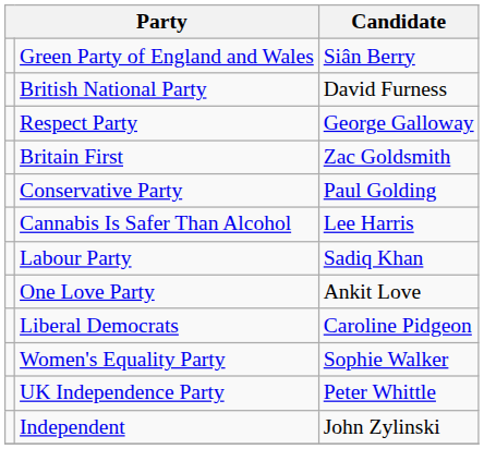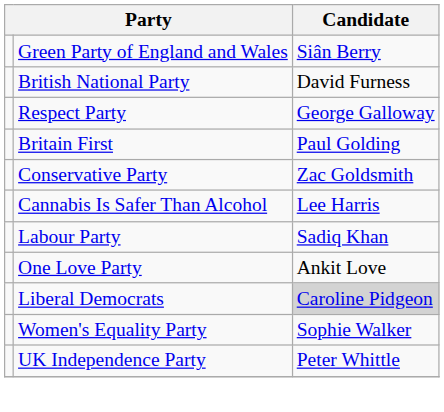 <table class="wikitable">
 <tr>
 <th colspan="2">Party</th>
 <th>Candidate</th>
 </tr>
 <tr>
 <td style="background:"></td>
 <td><a href='#'>Green Party of England and Wales</a></td>
 <td><a href='#'>Siân Berry</a></td>
 </tr>
 <tr>
 <td style="background:"></td>
 <td><a href='#'>British National Party</a></td>
 <td>David Furness</td>
 </tr>
 <tr>
 <td style="background:"></td>
 <td><a href='#'>Respect Party</a></td>
 <td><a href='#'>George Galloway</a></td>
 </tr>
 <tr>
 <td style="background:"></td>
 <td><a href='#'>Britain First</a></td>
-<td><a href='#'>Zac Goldsmith</a></td>
+<td><a href='#'>Paul Golding</a></td>
 </tr>
 <tr>
 <td style="background:"></td>
 <td><a href='#'>Conservative Party</a></td>
-<td><a href='#'>Paul Golding</a></td>
+<td><a href='#'>Zac Goldsmith</a></td>
 </tr>
 <tr>
 <td style="background:"></td>
 <td><a href='#'>Cannabis Is Safer Than Alcohol</a></td>
 <td><a href='#'>Lee Harris</a></td>
 </tr>
 <tr>
 <td style="background:"></td>
 <td><a href='#'>Labour Party</a></td>
 <td><a href='#'>Sadiq Khan</a></td>
 </tr>
 <tr>
 <td style="background:"></td>
 <td><a href='#'>One Love Party</a></td>
 <td>Ankit Love</td>
 </tr>
 <tr>
 <td style="background:"></td>
 <td><a href='#'>Liberal Democrats</a></td>
-<td><a href='#'>Caroline Pidgeon</a></td>
+<td style="background: lightgrey;"><a href='#'>Caroline Pidgeon</a></td>
 </tr>
 <tr>
 <td style="background:"></td>
 <td><a href='#'>Women's Equality Party</a></td>
 <td><a href='#'>Sophie Walker</a></td>
 </tr>
 <tr>
 <td style="background:"></td>
 <td><a href='#'>UK Independence Party</a></td>
 <td><a href='#'>Peter Whittle</a></td>
 </tr>
 <tr>
-<td style="background:"></td>
-<td><a href='#'>Independent</a></td>
-<td>John Zylinski</td>
-</tr>
-<tr>
 </tr>
 </table>
